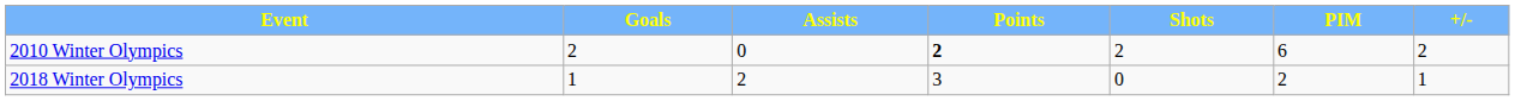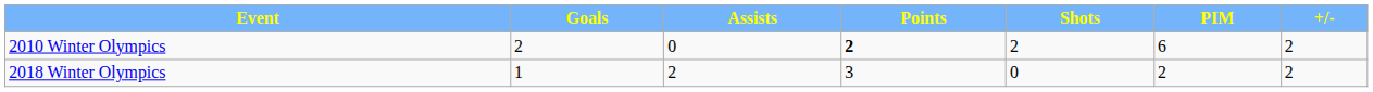 <table class="wikitable" width="80%">
 <tr align="center" style="background:#74B4FA;color:yellow;">
 <td><strong>Event</strong></td>
 <td><strong>Goals</strong></td>
 <td><strong>Assists</strong></td>
 <td><strong>Points</strong></td>
 <td><strong>Shots</strong></td>
 <td><strong>PIM</strong></td>
 <td><strong>+/-</strong></td>
 </tr>
 <tr align="centre">
 <td><a href='#'>2010 Winter Olympics</a></td>
 <td>2</td>
 <td>0</td>
 <td><strong>2</strong></td>
 <td>2</td>
 <td>6</td>
 <td>2</td>
 </tr>
 <tr align="centre”">
 <td><a href='#'>2018 Winter Olympics</a></td>
 <td>1</td>
 <td>2</td>
 <td>3</td>
 <td>0</td>
 <td>2</td>
-<td>1</td>
+<td>2</td>
 </tr>
 </table>
